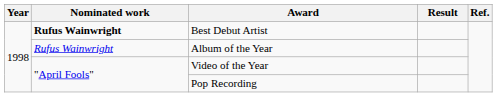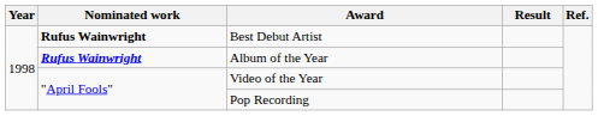 <table class="wikitable">
 <tr>
 <th>Year</th>
 <th width="220">Nominated work</th>
 <th width="325">Award</th>
 <th width="65">Result</th>
 <th>Ref.</th>
 </tr>
 <tr>
 <td align="center" rowspan=4>1998</td>
 <td><strong>Rufus Wainwright</strong></td>
 <td>Best Debut Artist</td>
 <td></td>
 <td align="center" rowspan=4></td>
 </tr>
 <tr>
-<td><em><a href='#'>Rufus Wainwright</a></em></td>
+<td><strong><em><a href='#'>Rufus Wainwright</a></em></strong></td>
 <td>Album of the Year</td>
 <td></td>
 </tr>
 <tr>
 <td rowspan=2>"<a href='#'>April Fools</a>"</td>
 <td>Video of the Year</td>
 <td></td>
 </tr>
 <tr>
 <td>Pop Recording</td>
 <td></td>
 </tr>
 </table>
